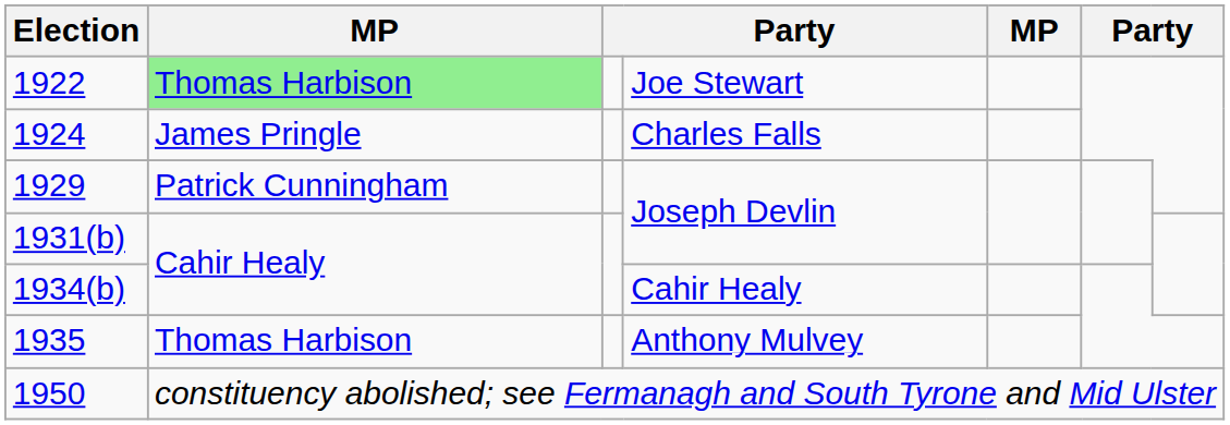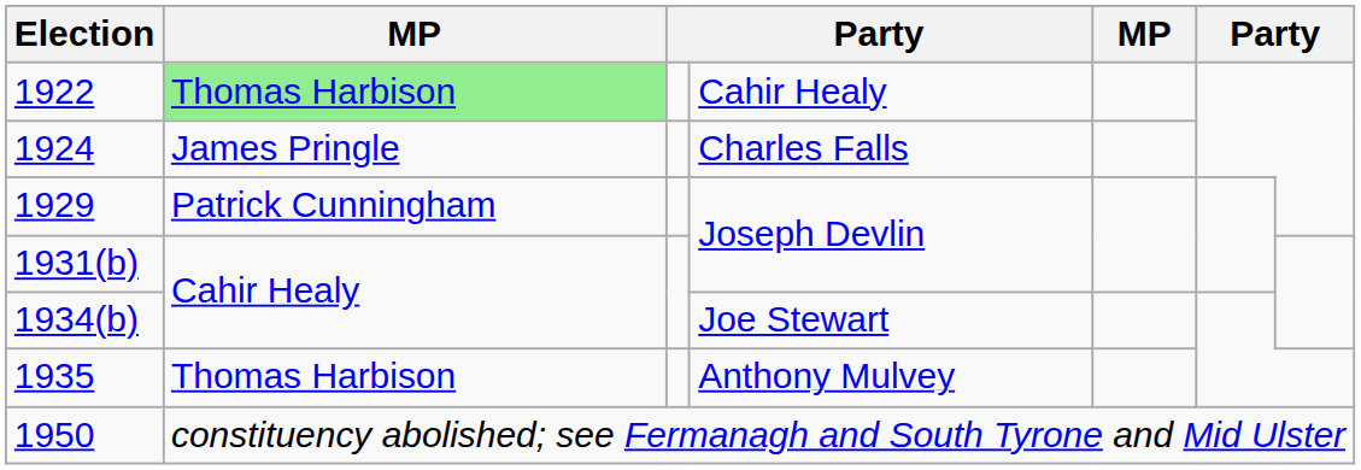 <table class="wikitable">
 <tr>
 <th>Election</th>
 <th>MP</th>
 <th colspan=2>Party</th>
 <th>MP</th>
 <th colspan=2>Party</th>
 </tr>
 <tr>
 <td><a href='#'>1922</a></td>
 <td style="background: lightgreen;"><a href='#'>Thomas Harbison</a></td>
 <td></td>
-<td><a href='#'>Joe Stewart</a></td>
+<td><a href='#'>Cahir Healy</a></td>
 <td></td>
 </tr>
 <tr>
 <td><a href='#'>1924</a></td>
 <td><a href='#'>James Pringle</a></td>
 <td></td>
 <td><a href='#'>Charles Falls</a></td>
 <td></td>
 </tr>
 <tr>
 <td><a href='#'>1929</a></td>
 <td><a href='#'>Patrick Cunningham</a></td>
 <td></td>
 <td rowspan="2"><a href='#'>Joseph Devlin</a></td>
 <td rowspan="2" style="color:inherit;background-color: "></td>
 <td rowspan="2"><a href='#'></a></td>
 </tr>
 <tr>
 <td><a href='#'>1931(b)</a></td>
 <td rowspan="2"><a href='#'>Cahir Healy</a></td>
 <td rowspan="2" style="color:inherit;background-color: "></td>
 <td rowspan="2"><a href='#'></a></td>
 </tr>
 <tr>
 <td><a href='#'>1934(b)</a></td>
-<td><a href='#'>Cahir Healy</a></td>
+<td><a href='#'>Joe Stewart</a></td>
 <td></td>
 </tr>
 <tr>
 <td><a href='#'>1935</a></td>
 <td><a href='#'>Thomas Harbison</a></td>
 <td></td>
 <td><a href='#'>Anthony Mulvey</a></td>
 <td></td>
 </tr>
 <tr>
 <td><a href='#'>1950</a></td>
 <td colspan="6"><em>constituency abolished; see <a href='#'>Fermanagh and South Tyrone</a> and <a href='#'>Mid Ulster</a></em></td>
 </tr>
 </table>
